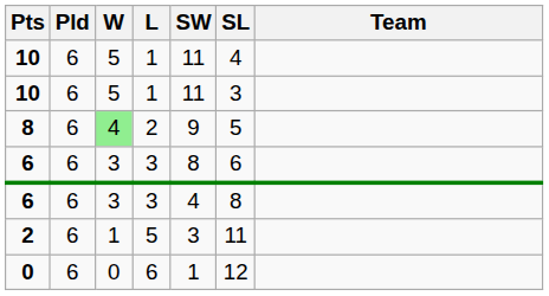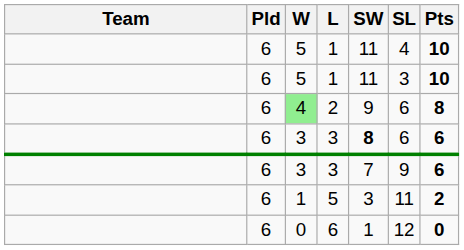 <table class=wikitable style="text-align:center">
 <tr>
-<th width=20>Pts</th>
+<th width=200>Team</th>
 <th width=20>Pld</th>
 <th width=20>W</th>
 <th width=20>L</th>
 <th width=20>SW</th>
 <th width=20>SL</th>
-<th width=200>Team</th>
+<th width=20>Pts</th>
 </tr>
 <tr>
-<td><strong>10</strong></td>
+<td align=left></td>
 <td>6</td>
 <td>5</td>
 <td>1</td>
 <td>11</td>
 <td>4</td>
-<td align=left></td>
+<td><strong>10</strong></td>
 </tr>
 <tr>
-<td><strong>10</strong></td>
+<td align=left></td>
 <td>6</td>
 <td>5</td>
 <td>1</td>
 <td>11</td>
 <td>3</td>
-<td align=left></td>
+<td><strong>10</strong></td>
 </tr>
 <tr>
-<td><strong>8</strong></td>
+<td align=left></td>
 <td>6</td>
 <td style="background: lightgreen;">4</td>
 <td>2</td>
 <td>9</td>
-<td>5</td>
-<td align=left></td>
+<td>6</td>
+<td><strong>8</strong></td>
 </tr>
 <tr>
-<td><strong>6</strong></td>
+<td align=left></td>
 <td>6</td>
 <td>3</td>
 <td>3</td>
-<td>8</td>
+<td><strong>8</strong></td>
 <td>6</td>
-<td align=left></td>
+<td><strong>6</strong></td>
 </tr>
 <tr style="border-top:3px solid green;">
-<td><strong>6</strong></td>
+<td align=left></td>
 <td>6</td>
 <td>3</td>
 <td>3</td>
-<td>4</td>
-<td>8</td>
-<td align=left></td>
+<td>7</td>
+<td>9</td>
+<td><strong>6</strong></td>
 </tr>
 <tr>
-<td><strong>2</strong></td>
+<td align=left></td>
 <td>6</td>
 <td>1</td>
 <td>5</td>
 <td>3</td>
 <td>11</td>
-<td align=left></td>
+<td><strong>2</strong></td>
 </tr>
 <tr>
-<td><strong>0</strong></td>
+<td align=left></td>
 <td>6</td>
 <td>0</td>
 <td>6</td>
 <td>1</td>
 <td>12</td>
-<td align=left></td>
+<td><strong>0</strong></td>
 </tr>
 </table>
